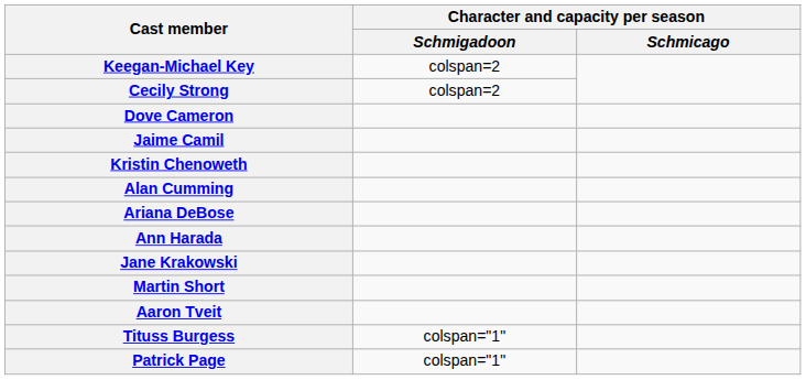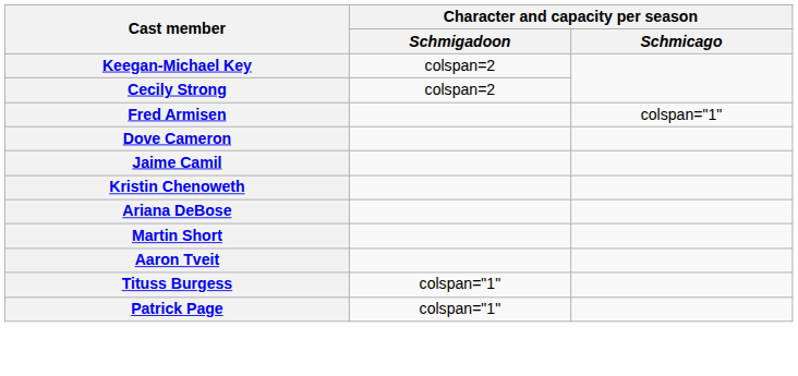 <table class="wikitable" style="text-align:center; width:65%;">
 <tr>
 <th rowspan="2" style="width:28%">Cast member</th>
 <th colspan="2">Character and capacity per season</th>
 </tr>
 <tr>
 <th style="width:18%"><em>Schmigadoon</em></th>
 <th style="width:18%"><em>Schmicago</em></th>
 </tr>
 <tr>
 <th scope="row"><a href='#'>Keegan-Michael Key</a></th>
 <td>colspan=2 </td>
 </tr>
 <tr>
 <th scope="row"><a href='#'>Cecily Strong</a></th>
 <td>colspan=2 </td>
 </tr>
 <tr>
+<th scope="row"><a href='#'>Fred Armisen</a></th>
+<td></td>
+<td>colspan="1" </td>
+</tr>
+<tr>
 <th scope="row"><a href='#'>Dove Cameron</a></th>
 <td></td>
 <td></td>
 </tr>
 <tr>
 <th scope="row"><a href='#'>Jaime Camil</a></th>
 <td></td>
 <td></td>
 </tr>
 <tr>
 <th scope="row"><a href='#'>Kristin Chenoweth</a></th>
 <td></td>
 <td></td>
 </tr>
 <tr>
-<th scope="row"><a href='#'>Alan Cumming</a></th>
-<td></td>
-<td></td>
-</tr>
-<tr>
 <th scope="row"><a href='#'>Ariana DeBose</a></th>
-<td></td>
-<td></td>
-</tr>
-<tr>
-<th scope="row"><a href='#'>Ann Harada</a></th>
-<td></td>
-<td></td>
-</tr>
-<tr>
-<th scope="row"><a href='#'>Jane Krakowski</a></th>
 <td></td>
 <td></td>
 </tr>
 <tr>
 <th scope="row"><a href='#'>Martin Short</a></th>
 <td></td>
 <td></td>
 </tr>
 <tr>
 <th scope="row"><a href='#'>Aaron Tveit</a></th>
 <td></td>
 <td></td>
 </tr>
 <tr>
 <th scope="row"><a href='#'>Tituss Burgess</a></th>
 <td>colspan="1" </td>
 <td></td>
 </tr>
 <tr>
 <th scope="row"><a href='#'>Patrick Page</a></th>
 <td>colspan="1" </td>
 <td></td>
 </tr>
 </table>
